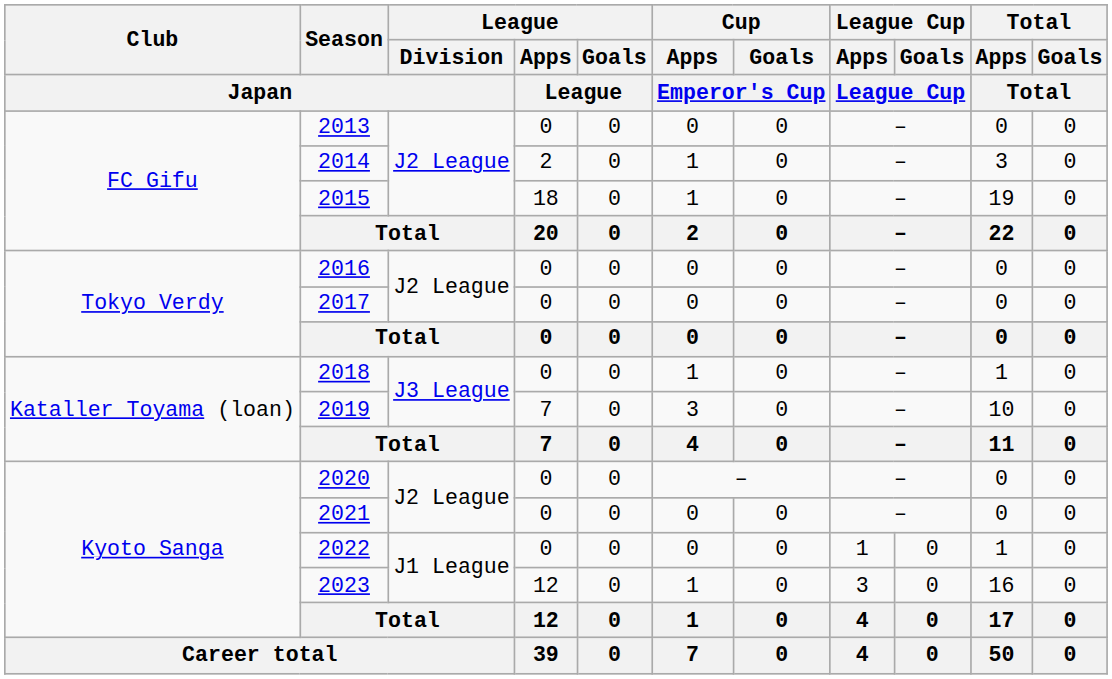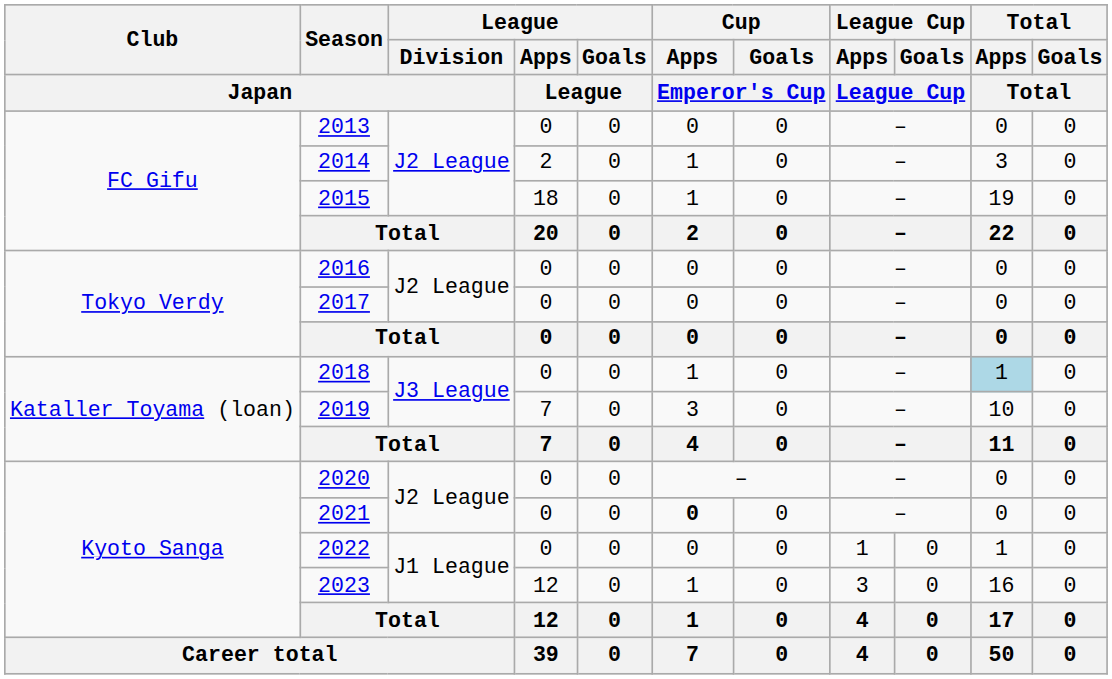 <table class="wikitable" style="text-align:center">
 <tr>
 <th rowspan=2>Club</th>
 <th rowspan=2>Season</th>
 <th colspan=3>League</th>
 <th colspan=2>Cup</th>
 <th colspan=2>League Cup</th>
 <th colspan=2>Total</th>
 </tr>
 <tr>
 <th>Division</th>
 <th>Apps</th>
 <th>Goals</th>
 <th>Apps</th>
 <th>Goals</th>
 <th>Apps</th>
 <th>Goals</th>
 <th>Apps</th>
 <th>Goals</th>
 </tr>
 <tr>
 <th colspan=3>Japan</th>
 <th colspan=2>League</th>
 <th colspan=2><a href='#'>Emperor's Cup</a></th>
 <th colspan=2><a href='#'>League Cup</a></th>
 <th colspan=2>Total</th>
 </tr>
 <tr>
 <td rowspan="4"><a href='#'>FC Gifu</a></td>
 <td><a href='#'>2013</a></td>
 <td rowspan="3"><a href='#'>J2 League</a></td>
 <td>0</td>
 <td>0</td>
 <td>0</td>
 <td>0</td>
 <td colspan=2>–</td>
 <td>0</td>
 <td>0</td>
 </tr>
 <tr>
 <td><a href='#'>2014</a></td>
 <td>2</td>
 <td>0</td>
 <td>1</td>
 <td>0</td>
 <td colspan="2">–</td>
 <td>3</td>
 <td>0</td>
 </tr>
 <tr>
 <td><a href='#'>2015</a></td>
 <td>18</td>
 <td>0</td>
 <td>1</td>
 <td>0</td>
 <td colspan="2">–</td>
 <td>19</td>
 <td>0</td>
 </tr>
 <tr>
 <th colspan=2>Total</th>
 <th>20</th>
 <th>0</th>
 <th>2</th>
 <th>0</th>
 <th colspan=2>–</th>
 <th>22</th>
 <th>0</th>
 </tr>
 <tr>
 <td rowspan="3"><a href='#'>Tokyo Verdy</a></td>
 <td><a href='#'>2016</a></td>
 <td rowspan="2">J2 League</td>
 <td>0</td>
 <td>0</td>
 <td>0</td>
 <td>0</td>
 <td colspan="2">–</td>
 <td>0</td>
 <td>0</td>
 </tr>
 <tr>
 <td><a href='#'>2017</a></td>
 <td>0</td>
 <td>0</td>
 <td>0</td>
 <td>0</td>
 <td colspan="2">–</td>
 <td>0</td>
 <td>0</td>
 </tr>
 <tr>
 <th colspan=2>Total</th>
 <th>0</th>
 <th>0</th>
 <th>0</th>
 <th>0</th>
 <th colspan=2>–</th>
 <th>0</th>
 <th>0</th>
 </tr>
 <tr>
 <td rowspan="3"><a href='#'>Kataller Toyama</a> (loan)</td>
 <td><a href='#'>2018</a></td>
 <td rowspan="2"><a href='#'>J3 League</a></td>
 <td>0</td>
 <td>0</td>
 <td>1</td>
 <td>0</td>
 <td colspan="2">–</td>
-<td>1</td>
+<td style="background: lightblue;">1</td>
 <td>0</td>
 </tr>
 <tr>
 <td><a href='#'>2019</a></td>
 <td>7</td>
 <td>0</td>
 <td>3</td>
 <td>0</td>
 <td colspan="2">–</td>
 <td>10</td>
 <td>0</td>
 </tr>
 <tr>
 <th colspan=2>Total</th>
 <th>7</th>
 <th>0</th>
 <th>4</th>
 <th>0</th>
 <th colspan=2>–</th>
 <th>11</th>
 <th>0</th>
 </tr>
 <tr>
 <td rowspan="5"><a href='#'>Kyoto Sanga</a></td>
 <td><a href='#'>2020</a></td>
 <td rowspan="2">J2 League</td>
 <td>0</td>
 <td>0</td>
 <td colspan="2">–</td>
 <td colspan=2>–</td>
 <td>0</td>
 <td>0</td>
 </tr>
 <tr>
 <td><a href='#'>2021</a></td>
 <td>0</td>
 <td>0</td>
-<td>0</td>
+<td><strong>0</strong></td>
 <td>0</td>
 <td colspan="2">–</td>
 <td>0</td>
 <td>0</td>
 </tr>
 <tr>
 <td><a href='#'>2022</a></td>
 <td rowspan="2">J1 League</td>
 <td>0</td>
 <td>0</td>
 <td>0</td>
 <td>0</td>
 <td>1</td>
 <td>0</td>
 <td>1</td>
 <td>0</td>
 </tr>
 <tr>
 <td><a href='#'>2023</a></td>
 <td>12</td>
 <td>0</td>
 <td>1</td>
 <td>0</td>
 <td>3</td>
 <td>0</td>
 <td>16</td>
 <td>0</td>
 </tr>
 <tr>
 <th colspan=2>Total</th>
 <th>12</th>
 <th>0</th>
 <th>1</th>
 <th>0</th>
 <th>4</th>
 <th>0</th>
 <th>17</th>
 <th>0</th>
 </tr>
 <tr>
 <th colspan=3>Career total</th>
 <th>39</th>
 <th>0</th>
 <th>7</th>
 <th>0</th>
 <th>4</th>
 <th>0</th>
 <th>50</th>
 <th>0</th>
 </tr>
 </table>
